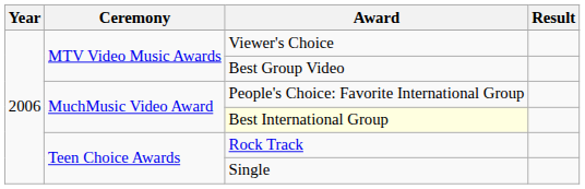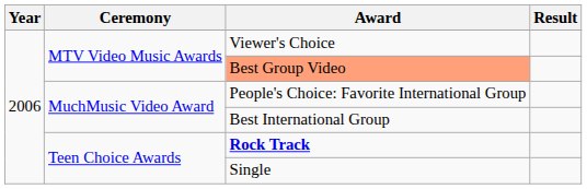 <table class="wikitable">
 <tr>
 <th>Year</th>
 <th>Ceremony</th>
 <th>Award</th>
 <th>Result</th>
 </tr>
 <tr>
 <td rowspan="7">2006</td>
 </tr>
 <tr>
 <td rowspan="2"><a href='#'>MTV Video Music Awards</a></td>
 <td>Viewer's Choice</td>
 <td></td>
 </tr>
 <tr>
-<td>Best Group Video</td>
+<td style="background: lightsalmon;">Best Group Video</td>
 <td></td>
 </tr>
 <tr>
 <td rowspan="2"><a href='#'>MuchMusic Video Award</a></td>
 <td>People's Choice: Favorite International Group</td>
 <td></td>
 </tr>
 <tr>
-<td style="background: lightyellow;">Best International Group</td>
+<td>Best International Group</td>
 <td></td>
 </tr>
 <tr>
 <td rowspan="2"><a href='#'>Teen Choice Awards</a></td>
-<td><a href='#'>Rock Track</a></td>
+<td><strong><a href='#'>Rock Track</a></strong></td>
 <td></td>
 </tr>
 <tr>
 <td>Single</td>
 <td></td>
 </tr>
 </table>
